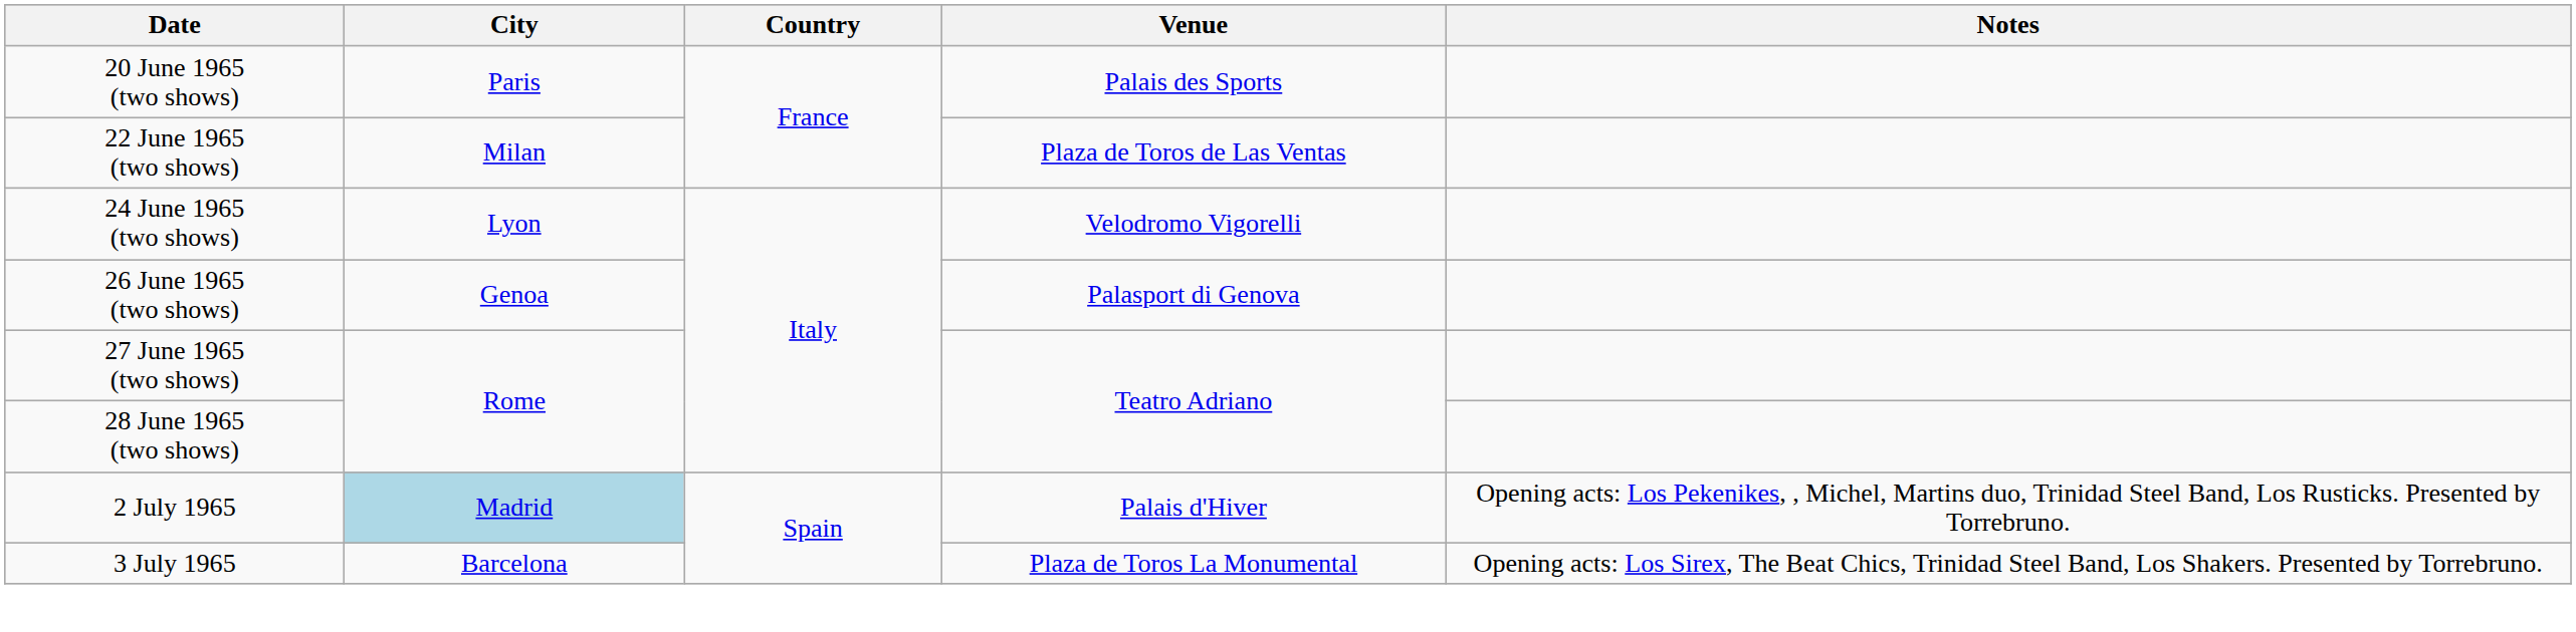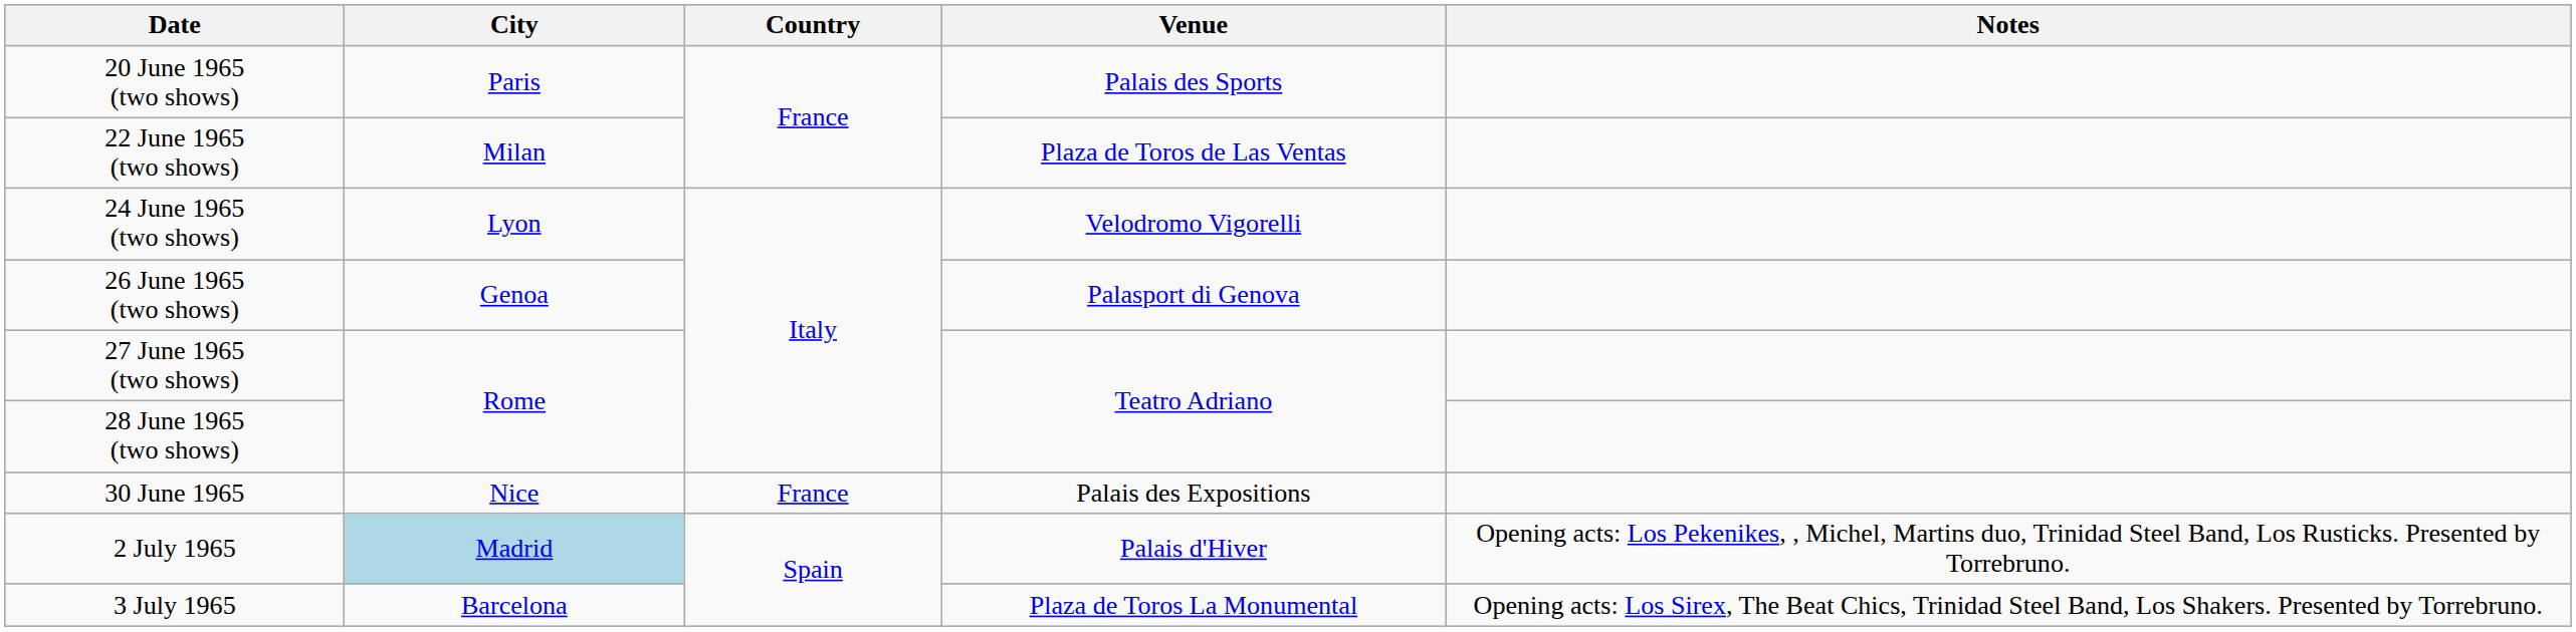 <table class="wikitable" style="text-align:center;">
 <tr>
 <th width="200">Date</th>
 <th width="200">City</th>
 <th width="150">Country</th>
 <th width="300">Venue</th>
 <th>Notes</th>
 </tr>
 <tr>
 <td>20 June 1965<br>(two shows)</td>
 <td><a href='#'>Paris</a></td>
 <td rowspan="2"><a href='#'>France</a></td>
 <td><a href='#'>Palais des Sports</a></td>
 <td></td>
 </tr>
 <tr>
 <td>22 June 1965<br>(two shows)</td>
 <td><a href='#'>Milan</a></td>
 <td><a href='#'>Plaza de Toros de Las Ventas</a></td>
 <td></td>
 </tr>
 <tr>
 <td>24 June 1965<br>(two shows)</td>
 <td><a href='#'>Lyon</a></td>
 <td rowspan="4"><a href='#'>Italy</a></td>
 <td><a href='#'>Velodromo Vigorelli</a></td>
 <td></td>
 </tr>
 <tr>
 <td>26 June 1965<br>(two shows)</td>
 <td><a href='#'>Genoa</a></td>
 <td><a href='#'>Palasport di Genova</a></td>
 <td></td>
 </tr>
 <tr>
 <td>27 June 1965<br>(two shows)</td>
 <td rowspan="2"><a href='#'>Rome</a></td>
 <td rowspan="2"><a href='#'>Teatro Adriano</a></td>
 <td></td>
 </tr>
 <tr>
 <td>28 June 1965<br>(two shows)</td>
 <td></td>
 </tr>
 <tr>
+<td>30 June 1965</td>
+<td><a href='#'>Nice</a></td>
+<td><a href='#'>France</a></td>
+<td>Palais des Expositions</td>
+<td></td>
+</tr>
+<tr>
 <td>2 July 1965</td>
 <td style="background: lightblue;"><a href='#'>Madrid</a></td>
 <td rowspan="2"><a href='#'>Spain</a></td>
 <td><a href='#'>Palais d'Hiver</a></td>
 <td>Opening acts: <a href='#'>Los Pekenikes</a>, , Michel, Martins duo, Trinidad Steel Band, Los Rusticks. Presented by Torrebruno.</td>
 </tr>
 <tr>
 <td>3 July 1965</td>
 <td><a href='#'>Barcelona</a></td>
 <td><a href='#'>Plaza de Toros La Monumental</a></td>
 <td>Opening acts: <a href='#'>Los Sirex</a>, The Beat Chics, Trinidad Steel Band, Los Shakers. Presented by Torrebruno.</td>
 </tr>
 </table>
